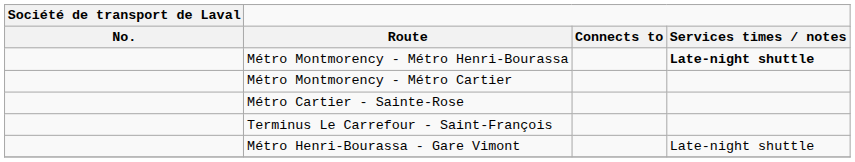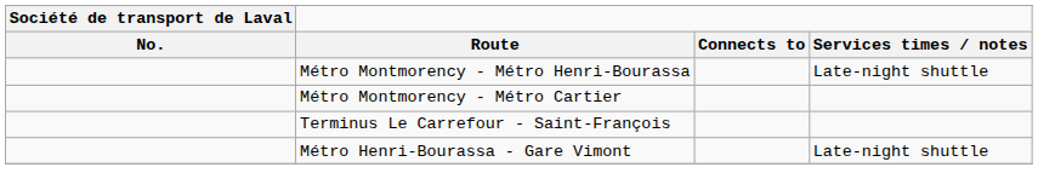 <table class="wikitable" align="center">
 <tr>
 <th style="background: #">Société de transport de Laval</th>
 </tr>
 <tr>
 <th>No.</th>
 <th>Route</th>
 <th>Connects to</th>
 <th>Services times / notes</th>
 </tr>
 <tr>
 <td></td>
 <td>Métro Montmorency - Métro Henri-Bourassa</td>
 <td></td>
-<td><strong>Late-night shuttle</strong></td>
+<td>Late-night shuttle</td>
 </tr>
 <tr>
 <td></td>
 <td>Métro Montmorency - Métro Cartier</td>
-<td></td>
-<td></td>
-</tr>
-<tr>
-<td></td>
-<td>Métro Cartier - Sainte-Rose</td>
 <td></td>
 <td></td>
 </tr>
 <tr>
 <td></td>
 <td>Terminus Le Carrefour - Saint-François</td>
 <td></td>
 <td></td>
 </tr>
 <tr>
 <td></td>
 <td>Métro Henri-Bourassa - Gare Vimont</td>
 <td></td>
 <td>Late-night shuttle</td>
 </tr>
 <tr>
 </tr>
 </table>
